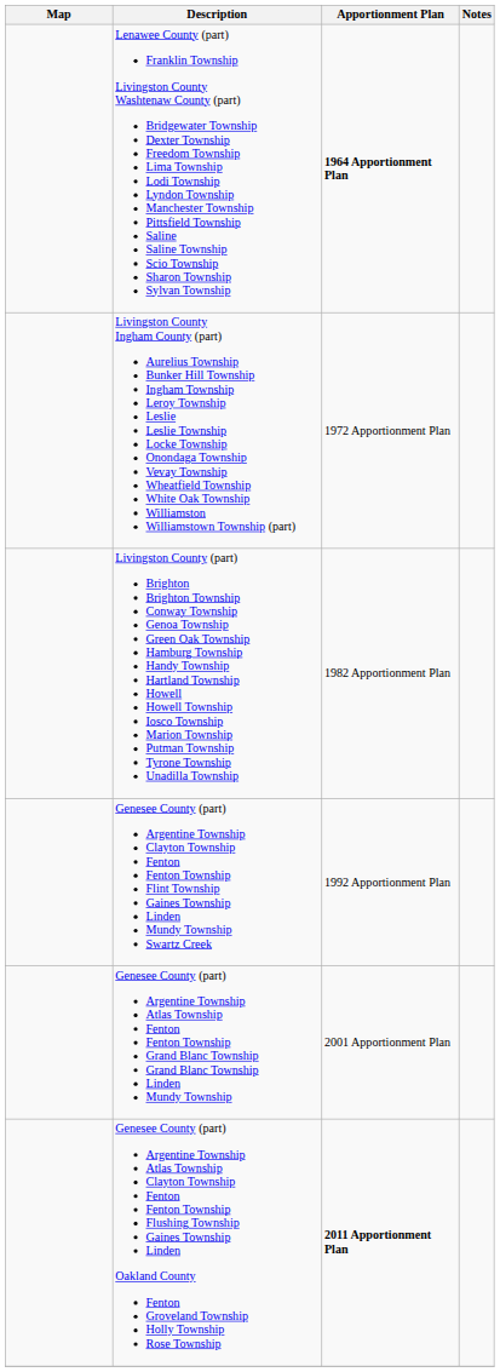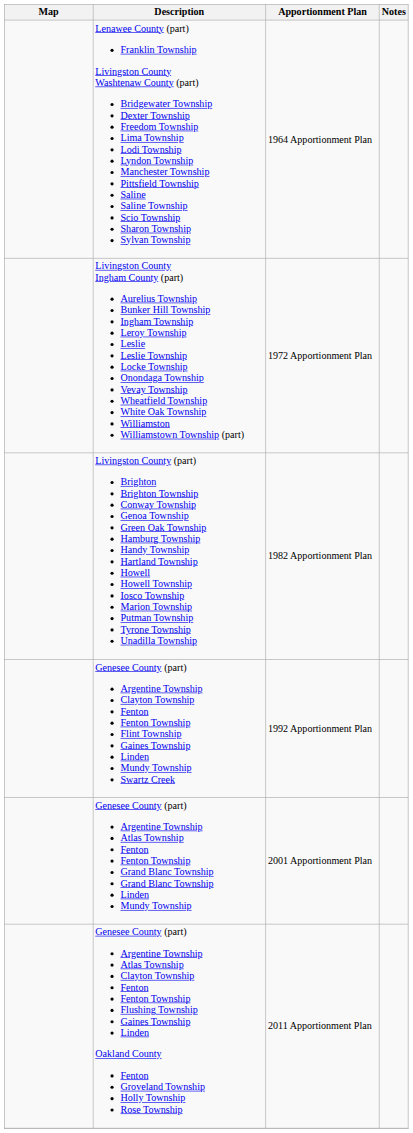 <table class="wikitable sortable">
 <tr>
 <th style="width:100pt;">Map</th>
 <th style="width:200pt;">Description</th>
 <th style="width:130pt;">Apportionment Plan</th>
 <th style="width:15pt;">Notes</th>
 </tr>
 <tr>
 <td></td>
 <td><a href='#'>Lenawee County</a> (part)<br><ul><li><a href='#'>Franklin Township</a></li></ul><a href='#'>Livingston County</a><br> <a href='#'>Washtenaw County</a> (part)<ul><li><a href='#'>Bridgewater Township</a></li><li><a href='#'>Dexter Township</a></li><li><a href='#'>Freedom Township</a></li><li><a href='#'>Lima Township</a></li><li><a href='#'>Lodi Township</a></li><li><a href='#'>Lyndon Township</a></li><li><a href='#'>Manchester Township</a></li><li><a href='#'>Pittsfield Township</a></li><li><a href='#'>Saline</a></li><li><a href='#'>Saline Township</a></li><li><a href='#'>Scio Township</a></li><li><a href='#'>Sharon Township</a></li><li><a href='#'>Sylvan Township</a></li></ul></td>
-<td><strong>1964 Apportionment Plan</strong></td>
+<td>1964 Apportionment Plan</td>
 <td></td>
 </tr>
 <tr>
 <td></td>
 <td><a href='#'>Livingston County</a><br><a href='#'>Ingham County</a> (part)<ul><li><a href='#'>Aurelius Township</a></li><li><a href='#'>Bunker Hill Township</a></li><li><a href='#'>Ingham Township</a></li><li><a href='#'>Leroy Township</a></li><li><a href='#'>Leslie</a></li><li><a href='#'>Leslie Township</a></li><li><a href='#'>Locke Township</a></li><li><a href='#'>Onondaga Township</a></li><li><a href='#'>Vevay Township</a></li><li><a href='#'>Wheatfield Township</a></li><li><a href='#'>White Oak Township</a></li><li><a href='#'>Williamston</a></li><li><a href='#'>Williamstown Township</a> (part)</li></ul></td>
 <td>1972 Apportionment Plan</td>
 <td></td>
 </tr>
 <tr>
 <td></td>
 <td><a href='#'>Livingston County</a> (part)<br><ul><li><a href='#'>Brighton</a></li><li><a href='#'>Brighton Township</a></li><li><a href='#'>Conway Township</a></li><li><a href='#'>Genoa Township</a></li><li><a href='#'>Green Oak Township</a></li><li><a href='#'>Hamburg Township</a></li><li><a href='#'>Handy Township</a></li><li><a href='#'>Hartland Township</a></li><li><a href='#'>Howell</a></li><li><a href='#'>Howell Township</a></li><li><a href='#'>Iosco Township</a></li><li><a href='#'>Marion Township</a></li><li><a href='#'>Putman Township</a></li><li><a href='#'>Tyrone Township</a></li><li><a href='#'>Unadilla Township</a></li></ul></td>
 <td>1982 Apportionment Plan</td>
 <td></td>
 </tr>
 <tr>
 <td></td>
 <td><a href='#'>Genesee County</a> (part)<br><ul><li><a href='#'>Argentine Township</a></li><li><a href='#'>Clayton Township</a></li><li><a href='#'>Fenton</a></li><li><a href='#'>Fenton Township</a></li><li><a href='#'>Flint Township</a></li><li><a href='#'>Gaines Township</a></li><li><a href='#'>Linden</a></li><li><a href='#'>Mundy Township</a></li><li><a href='#'>Swartz Creek</a></li></ul></td>
 <td>1992 Apportionment Plan</td>
 <td></td>
 </tr>
 <tr>
 <td></td>
 <td><a href='#'>Genesee County</a> (part)<br><ul><li><a href='#'>Argentine Township</a></li><li><a href='#'>Atlas Township</a></li><li><a href='#'>Fenton</a></li><li><a href='#'>Fenton Township</a></li><li><a href='#'>Grand Blanc Township</a></li><li><a href='#'>Grand Blanc Township</a></li><li><a href='#'>Linden</a></li><li><a href='#'>Mundy Township</a></li></ul></td>
 <td>2001 Apportionment Plan</td>
 <td></td>
 </tr>
 <tr>
 <td></td>
 <td><a href='#'>Genesee County</a> (part)<br><ul><li><a href='#'>Argentine Township</a></li><li><a href='#'>Atlas Township</a></li><li><a href='#'>Clayton Township</a></li><li><a href='#'>Fenton</a></li><li><a href='#'>Fenton Township</a></li><li><a href='#'>Flushing Township</a></li><li><a href='#'>Gaines Township</a></li><li><a href='#'>Linden</a></li></ul><a href='#'>Oakland County</a><ul><li><a href='#'>Fenton</a></li><li><a href='#'>Groveland Township</a></li><li><a href='#'>Holly Township</a></li><li><a href='#'>Rose Township</a></li></ul></td>
-<td><strong>2011 Apportionment Plan</strong></td>
+<td>2011 Apportionment Plan</td>
 <td></td>
 </tr>
 <tr>
 </tr>
 </table>
